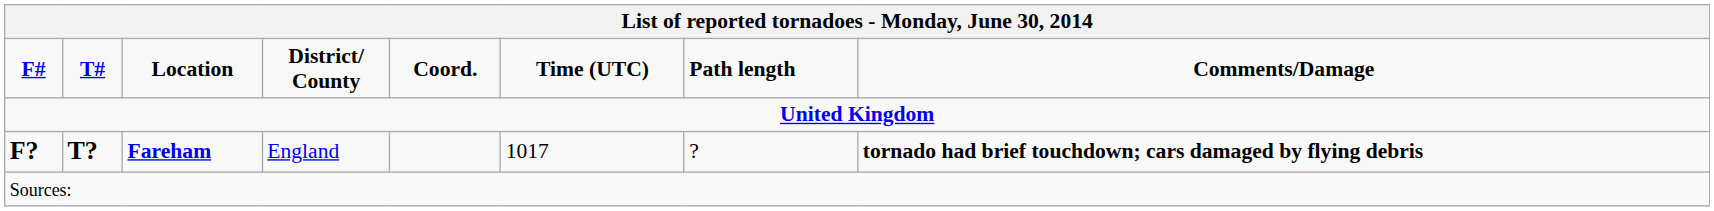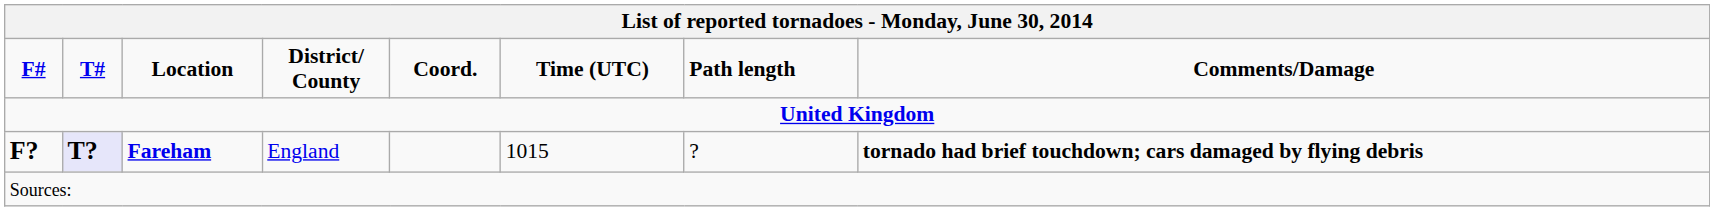 <table class="wikitable collapsible" width="100%">
 <tr>
 <th colspan="8">List of reported tornadoes - Monday, June 30, 2014</th>
 </tr>
 <tr>
 <td style="text-align: center;"><strong><a href='#'>F#</a></strong></td>
 <td style="text-align: center;"><strong><a href='#'>T#</a></strong></td>
 <td style="text-align: center;"><strong>Location</strong></td>
 <td style="text-align: center;"><strong>District/<br>County</strong></td>
 <td style="text-align: center;"><strong>Coord.</strong></td>
 <td style="text-align: center;"><strong>Time (UTC)</strong></td>
 <td><strong>Path length</strong></td>
 <td style="text-align: center;"><strong>Comments/Damage</strong></td>
 </tr>
 <tr>
 <td colspan="8" align=center><strong><a href='#'>United Kingdom</a></strong></td>
 </tr>
 <tr>
 <td><big><strong>F?</strong></big></td>
-<td><big><strong>T?</strong></big></td>
+<td style="background: lavender;"><big><strong>T?</strong></big></td>
 <td><strong><a href='#'>Fareham</a></strong></td>
 <td><a href='#'>England</a></td>
 <td></td>
-<td>1017</td>
+<td>1015</td>
 <td>?</td>
 <td><strong>tornado had brief touchdown; cars damaged by flying debris</strong></td>
 </tr>
 <tr>
 <td colspan="8"><small>Sources:</small></td>
 </tr>
 </table>
